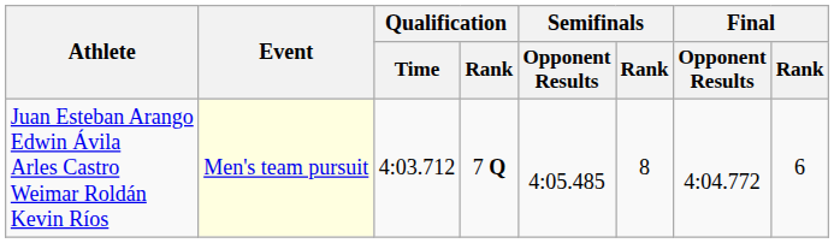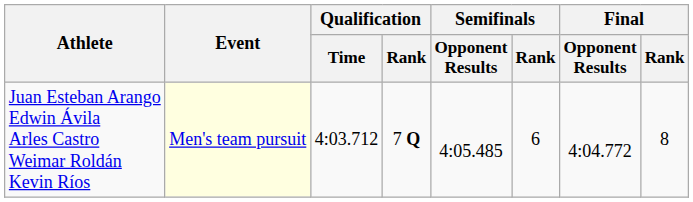 <table class="wikitable"  style="font-size:90%">
 <tr>
 <th rowspan="2">Athlete</th>
 <th rowspan="2">Event</th>
 <th colspan=2>Qualification</th>
 <th colspan=2>Semifinals</th>
 <th colspan=2>Final</th>
 </tr>
 <tr style="font-size:95%">
 <th>Time</th>
 <th>Rank</th>
 <th>Opponent<br>Results</th>
 <th>Rank</th>
 <th>Opponent<br>Results</th>
 <th>Rank</th>
 </tr>
 <tr align=center>
 <td align=left><a href='#'>Juan Esteban Arango</a> <br><a href='#'>Edwin Ávila</a> <br><a href='#'>Arles Castro</a> <br><a href='#'>Weimar Roldán</a> <br><a href='#'>Kevin Ríos</a></td>
 <td align=left style="background: lightyellow;"><a href='#'>Men's team pursuit</a></td>
 <td>4:03.712</td>
 <td>7 <strong>Q</strong></td>
 <td><br>4:05.485</td>
+<td>6</td>
+<td><br>4:04.772</td>
 <td>8</td>
-<td><br>4:04.772</td>
-<td>6</td>
 </tr>
 </table>
